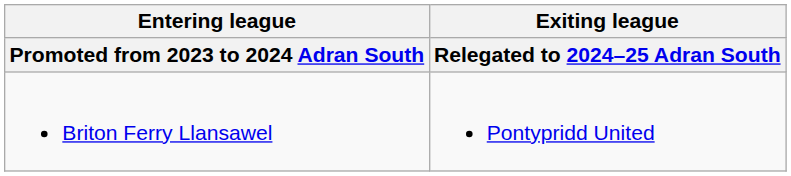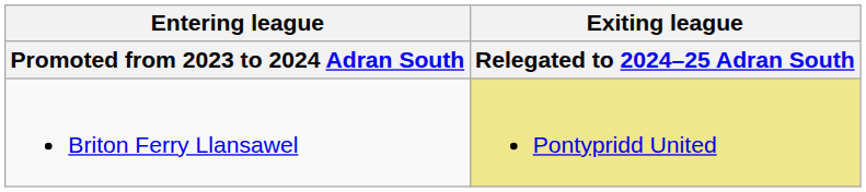 <table class="wikitable">
 <tr>
 <th>Entering league</th>
 <th>Exiting league</th>
 </tr>
 <tr>
 <th>Promoted from 2023 to 2024 <a href='#'>Adran South</a></th>
 <th>Relegated to <a href='#'>2024–25 Adran South</a></th>
 </tr>
 <tr style="vertical-align:top;">
 <td><br><ul><li><a href='#'>Briton Ferry Llansawel</a></li></ul></td>
-<td><br><ul><li><a href='#'>Pontypridd United</a></li></ul></td>
+<td style="background: khaki;"><br><ul><li><a href='#'>Pontypridd United</a></li></ul></td>
 </tr>
 </table>
